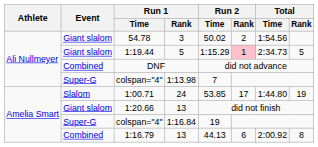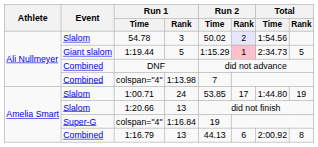 <table class="wikitable" style="font-size:90%">
 <tr>
 <th rowspan=2>Athlete</th>
 <th rowspan=2>Event</th>
 <th colspan=2>Run 1</th>
 <th colspan=2>Run 2</th>
 <th colspan=2>Total</th>
 </tr>
 <tr style="font-size:95%">
 <th>Time</th>
 <th>Rank</th>
 <th>Time</th>
 <th>Rank</th>
 <th>Time</th>
 <th>Rank</th>
 </tr>
 <tr align=center>
 <td align="left" rowspan="4"><a href='#'>Ali Nullmeyer</a></td>
-<td align="left"><a href='#'>Giant slalom</a></td>
+<td align="left"><a href='#'>Slalom</a></td>
 <td>54.78</td>
 <td>3</td>
 <td>50.02</td>
-<td>2</td>
+<td style="background: lavender;">2</td>
 <td>1:54.56</td>
 <td></td>
 </tr>
 <tr align=center>
 <td align="left"><a href='#'>Giant slalom</a></td>
 <td>1:19.44</td>
 <td>5</td>
 <td>1:15.29</td>
 <td style="background: pink;">1</td>
 <td>2:34.73</td>
 <td>5</td>
 </tr>
 <tr align=center>
 <td align="left"><a href='#'>Combined</a></td>
 <td colspan=2>DNF</td>
 <td colspan=4>did not advance</td>
 </tr>
 <tr align=center>
-<td align="left"><a href='#'>Super-G</a></td>
+<td align="left"><a href='#'>Combined</a></td>
 <td>colspan="4" </td>
 <td>1:13.98</td>
 <td>7</td>
 </tr>
 <tr align=center>
 <td align="left" rowspan="4"><a href='#'>Amelia Smart</a></td>
 <td align="left"><a href='#'>Slalom</a></td>
 <td>1:00.71</td>
 <td>24</td>
 <td>53.85</td>
 <td>17</td>
 <td>1:44.80</td>
 <td>19</td>
 </tr>
 <tr align=center>
-<td align="left"><a href='#'>Giant slalom</a></td>
+<td align="left"><a href='#'>Slalom</a></td>
 <td>1:20.66</td>
 <td>13</td>
 <td colspan=4>did not finish</td>
 </tr>
 <tr align=center>
 <td align="left"><a href='#'>Super-G</a></td>
 <td>colspan="4" </td>
 <td>1:16.84</td>
 <td>19</td>
 </tr>
 <tr align=center>
 <td align="left"><a href='#'>Combined</a></td>
 <td>1:16.79</td>
 <td>13</td>
 <td>44.13</td>
 <td>6</td>
 <td>2:00.92</td>
 <td>8</td>
 </tr>
 </table>
